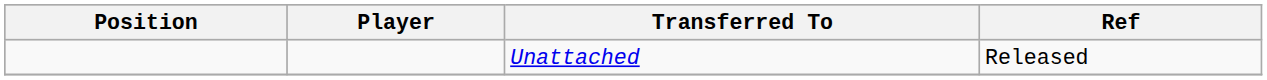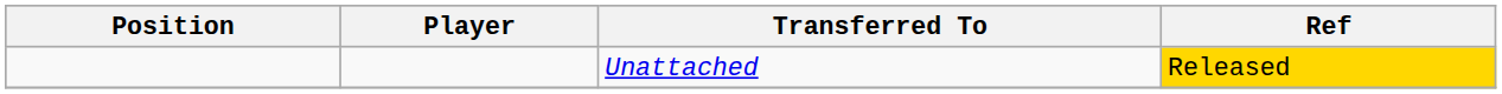 <table class="wikitable sortable" style="width:60%; font-size:100%; text-align:left;">
 <tr>
 <th>Position</th>
 <th>Player</th>
 <th>Transferred To</th>
 <th>Ref</th>
 </tr>
 <tr>
 <td></td>
 <td></td>
 <td><em><a href='#'>Unattached</a></em></td>
-<td>Released</td>
+<td style="background: gold;">Released</td>
 </tr>
 <tr>
 </tr>
 </table>
